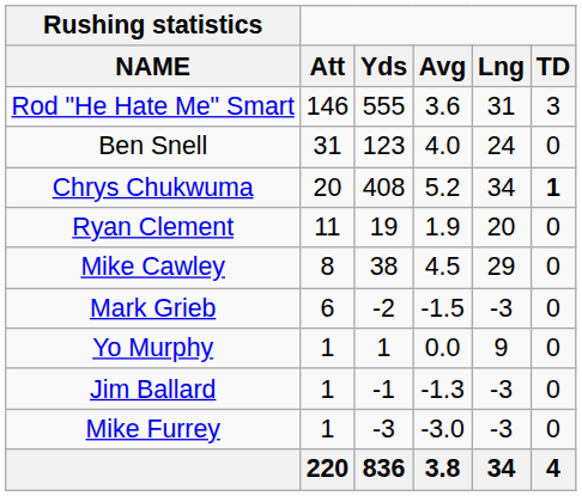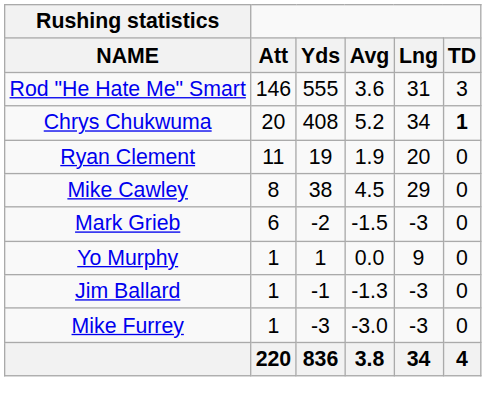 <table class="wikitable sortable" style="text-align:center;">
 <tr>
 <th style="text-align:center;">Rushing statistics</th>
 </tr>
 <tr>
 <th>NAME</th>
 <th>Att</th>
 <th>Yds</th>
 <th>Avg</th>
 <th>Lng</th>
 <th>TD</th>
 </tr>
 <tr>
 <td><a href='#'>Rod "He Hate Me" Smart</a></td>
 <td>146</td>
 <td>555</td>
 <td>3.6</td>
 <td>31</td>
 <td>3</td>
-</tr>
-<tr>
-<td>Ben Snell</td>
-<td>31</td>
-<td>123</td>
-<td>4.0</td>
-<td>24</td>
-<td>0</td>
 </tr>
 <tr>
 <td><a href='#'>Chrys Chukwuma</a></td>
 <td>20</td>
 <td>408</td>
 <td>5.2</td>
 <td>34</td>
 <td><strong>1</strong></td>
 </tr>
 <tr>
 <td><a href='#'>Ryan Clement</a></td>
 <td>11</td>
 <td>19</td>
 <td>1.9</td>
 <td>20</td>
 <td>0</td>
 </tr>
 <tr>
 <td><a href='#'>Mike Cawley</a></td>
 <td>8</td>
 <td>38</td>
 <td>4.5</td>
 <td>29</td>
 <td>0</td>
 </tr>
 <tr>
 <td><a href='#'>Mark Grieb</a></td>
 <td>6</td>
 <td>-2</td>
 <td>-1.5</td>
 <td>-3</td>
 <td>0</td>
 </tr>
 <tr>
 <td><a href='#'>Yo Murphy</a></td>
 <td>1</td>
 <td>1</td>
 <td>0.0</td>
 <td>9</td>
 <td>0</td>
 </tr>
 <tr>
 <td><a href='#'>Jim Ballard</a></td>
 <td>1</td>
 <td>-1</td>
 <td>-1.3</td>
 <td>-3</td>
 <td>0</td>
 </tr>
 <tr>
 <td><a href='#'>Mike Furrey</a></td>
 <td>1</td>
 <td>-3</td>
 <td>-3.0</td>
 <td>-3</td>
 <td>0</td>
 </tr>
 <tr>
 <th colspan="1"></th>
 <th>220</th>
 <th>836</th>
 <th>3.8</th>
 <th>34</th>
 <th>4</th>
 </tr>
 </table>
